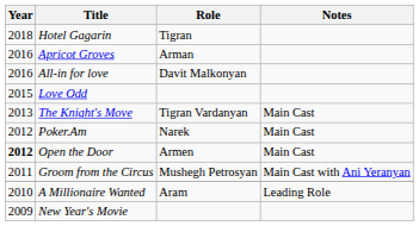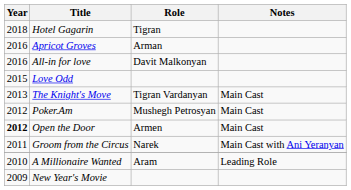 <table class="wikitable sortable plainrowheaders">
 <tr>
 <th>Year</th>
 <th>Title</th>
 <th>Role</th>
 <th class="unsortable">Notes</th>
 </tr>
 <tr>
 <td>2018</td>
 <td><em>Hotel Gagarin</em></td>
 <td>Tigran</td>
 <td></td>
 </tr>
 <tr>
 <td>2016</td>
 <td><em><a href='#'>Apricot Groves</a></em></td>
 <td>Arman</td>
 <td></td>
 </tr>
 <tr>
 <td>2016</td>
 <td><em>All-in for love </em></td>
 <td>Davit Malkonyan</td>
 <td></td>
 </tr>
 <tr>
 <td>2015</td>
 <td><em><a href='#'>Love Odd</a></em></td>
 <td></td>
 <td></td>
 </tr>
 <tr>
 <td>2013</td>
 <td><em><a href='#'>The Knight's Move</a></em></td>
 <td>Tigran Vardanyan</td>
 <td>Main Cast</td>
 </tr>
 <tr>
 <td>2012</td>
 <td><em>Poker.Am</em></td>
-<td>Narek</td>
+<td>Mushegh Petrosyan</td>
 <td>Main Cast</td>
 </tr>
 <tr>
 <td><strong>2012</strong></td>
 <td><em>Open the Door</em></td>
 <td>Armen</td>
 <td>Main Cast</td>
 </tr>
 <tr>
 <td>2011</td>
 <td><em>Groom from the Circus</em></td>
-<td>Mushegh Petrosyan</td>
+<td>Narek</td>
 <td>Main Cast with <a href='#'>Ani Yeranyan</a></td>
 </tr>
 <tr>
 </tr>
 <tr>
 <td>2010</td>
 <td><em>A Millionaire Wanted</em></td>
 <td>Aram</td>
 <td>Leading Role</td>
 </tr>
 <tr>
 <td>2009</td>
 <td><em>New Year's Movie</em></td>
 <td></td>
 <td></td>
 </tr>
 </table>
